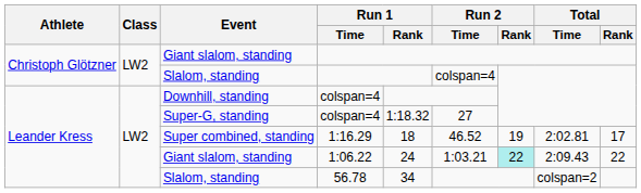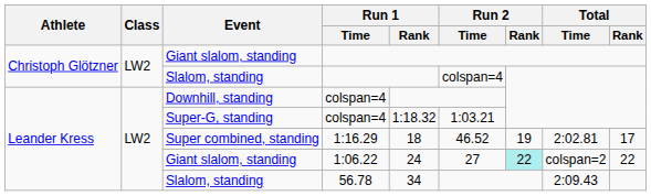 <table class=wikitable style="font-size:90%">
 <tr>
 <th rowspan=2>Athlete</th>
 <th rowspan=2>Class</th>
 <th rowspan=2>Event</th>
 <th colspan=2>Run 1</th>
 <th colspan=2>Run 2</th>
 <th colspan=2>Total</th>
 </tr>
 <tr style="font-size:95%">
 <th>Time</th>
 <th>Rank</th>
 <th>Time</th>
 <th>Rank</th>
 <th>Time</th>
 <th>Rank</th>
 </tr>
 <tr>
 <td rowspan=2><a href='#'>Christoph Glötzner</a></td>
 <td rowspan=2>LW2</td>
 <td><a href='#'>Giant slalom, standing</a></td>
 <td colspan=6 align="center"></td>
 </tr>
 <tr>
 <td><a href='#'>Slalom, standing</a></td>
 <td colspan=2 align="center"></td>
 <td>colspan=4 </td>
 </tr>
 <tr>
 <td rowspan=5><a href='#'>Leander Kress</a></td>
 <td rowspan=5>LW2</td>
 <td><a href='#'>Downhill, standing</a></td>
 <td>colspan=4 </td>
 <td colspan=2 align="center"></td>
 </tr>
 <tr>
 <td><a href='#'>Super-G, standing</a></td>
 <td>colspan=4 </td>
 <td align="center">1:18.32</td>
-<td align="center">27</td>
+<td align="center">1:03.21</td>
 </tr>
 <tr>
 <td><a href='#'>Super combined, standing</a></td>
 <td align="center">1:16.29</td>
 <td align="center">18</td>
 <td align="center">46.52</td>
 <td align="center">19</td>
 <td align="center">2:02.81</td>
 <td align="center">17</td>
 </tr>
 <tr>
 <td><a href='#'>Giant slalom, standing</a></td>
 <td align="center">1:06.22</td>
 <td align="center">24</td>
-<td align="center">1:03.21</td>
+<td align="center">27</td>
 <td align="center" style="background: paleturquoise;">22</td>
-<td align="center">2:09.43</td>
+<td>colspan=2 </td>
 <td align="center">22</td>
 </tr>
 <tr>
 <td><a href='#'>Slalom, standing</a></td>
 <td align="center">56.78</td>
 <td align="center">34</td>
 <td colspan=2 align="center"></td>
-<td>colspan=2 </td>
+<td align="center">2:09.43</td>
 </tr>
 </table>
